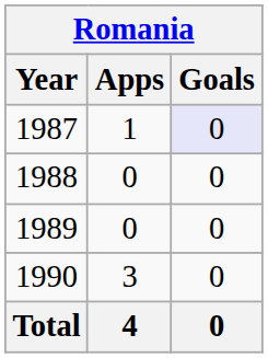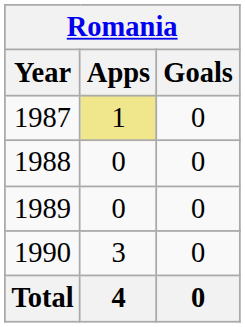 <table class="wikitable" style="text-align:center">
 <tr>
 <th colspan=3><a href='#'>Romania</a></th>
 </tr>
 <tr>
 <th>Year</th>
 <th>Apps</th>
 <th>Goals</th>
 </tr>
 <tr>
 <td>1987</td>
-<td>1</td>
-<td style="background: lavender;">0</td>
+<td style="background: khaki;">1</td>
+<td>0</td>
 </tr>
 <tr>
 <td>1988</td>
 <td>0</td>
 <td>0</td>
 </tr>
 <tr>
 <td>1989</td>
 <td>0</td>
 <td>0</td>
 </tr>
 <tr>
 <td>1990</td>
 <td>3</td>
 <td>0</td>
 </tr>
 <tr>
 <th>Total</th>
 <th>4</th>
 <th>0</th>
 </tr>
 </table>
